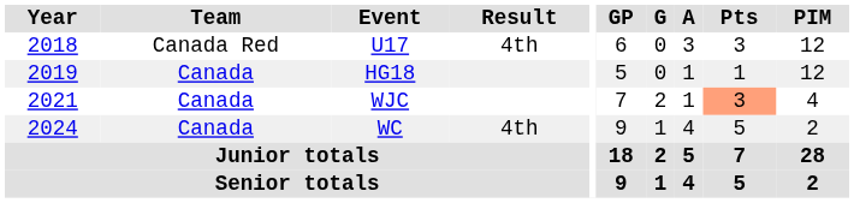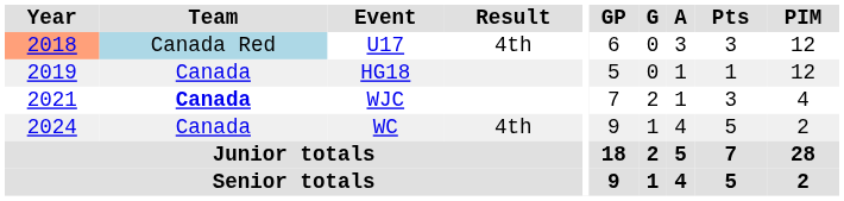 <table border="0" cellpadding="1" cellspacing="0" ID="Table3" style="text-align:center; width:40em">
 <tr bgcolor="#e0e0e0">
 <th>Year</th>
 <th>Team</th>
 <th>Event</th>
 <th>Result</th>
 <th rowspan="99" bgcolor="#ffffff"></th>
 <th>GP</th>
 <th>G</th>
 <th>A</th>
 <th>Pts</th>
 <th>PIM</th>
 </tr>
 <tr>
-<td><a href='#'>2018</a></td>
-<td>Canada Red</td>
+<td style="background: lightsalmon;"><a href='#'>2018</a></td>
+<td style="background: lightblue;">Canada Red</td>
 <td><a href='#'>U17</a></td>
 <td>4th</td>
 <td>6</td>
 <td>0</td>
 <td>3</td>
 <td>3</td>
 <td>12</td>
 </tr>
 <tr bgcolor="#f0f0f0">
 <td><a href='#'>2019</a></td>
 <td><a href='#'>Canada</a></td>
 <td><a href='#'>HG18</a></td>
 <td></td>
 <td>5</td>
 <td>0</td>
 <td>1</td>
 <td>1</td>
 <td>12</td>
 </tr>
 <tr>
 <td><a href='#'>2021</a></td>
-<td><a href='#'>Canada</a></td>
+<td><strong><a href='#'>Canada</a></strong></td>
 <td><a href='#'>WJC</a></td>
 <td></td>
 <td>7</td>
 <td>2</td>
 <td>1</td>
-<td style="background: lightsalmon;">3</td>
+<td>3</td>
 <td>4</td>
 </tr>
 <tr bgcolor="#f0f0f0">
 <td><a href='#'>2024</a></td>
 <td><a href='#'>Canada</a></td>
 <td><a href='#'>WC</a></td>
 <td>4th</td>
 <td>9</td>
 <td>1</td>
 <td>4</td>
 <td>5</td>
 <td>2</td>
 </tr>
 <tr bgcolor="#e0e0e0">
 <th colspan="4">Junior totals</th>
 <th>18</th>
 <th>2</th>
 <th>5</th>
 <th>7</th>
 <th>28</th>
 </tr>
 <tr bgcolor="#e0e0e0">
 <th colspan="4">Senior totals</th>
 <th>9</th>
 <th>1</th>
 <th>4</th>
 <th>5</th>
 <th>2</th>
 </tr>
 </table>
